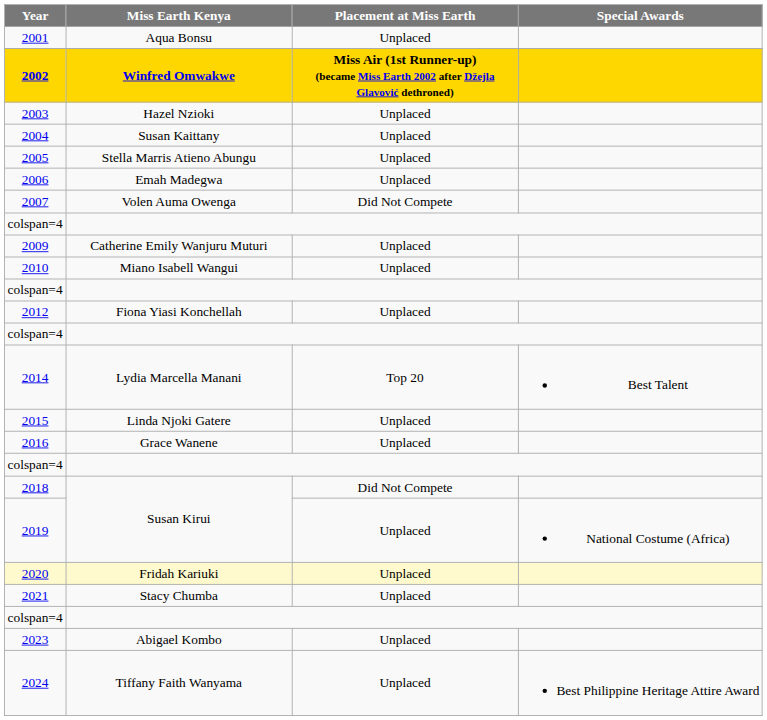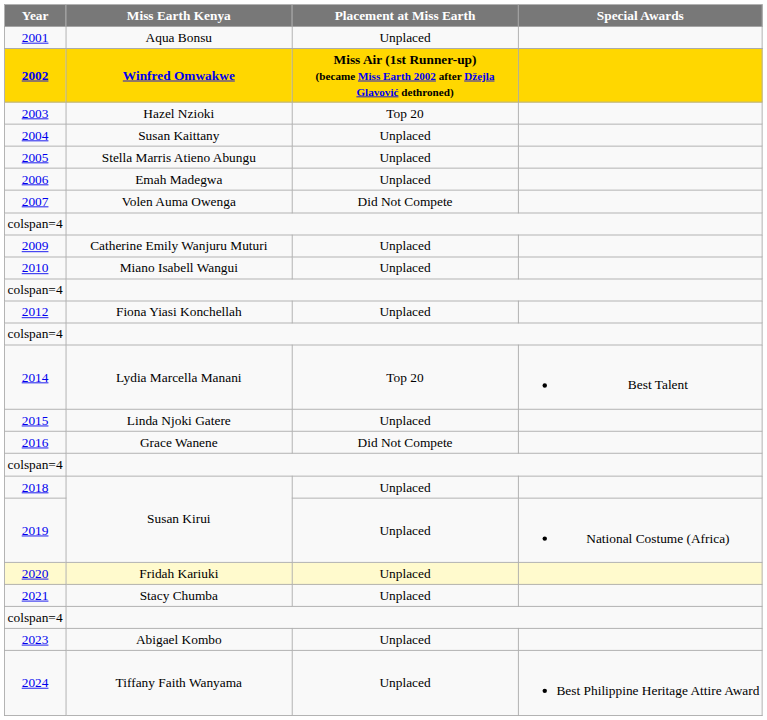 <table class="wikitable sortable" style="font-size: 95%; text-align:center">
 <tr>
 <th width="60" style="background-color:#787878;color:#FFFFFF;">Year</th>
 <th width="250" style="background-color:#787878;color:#FFFFFF;">Miss Earth Kenya</th>
 <th width="250" style="background-color:#787878;color:#FFFFFF;">Placement at Miss Earth</th>
 <th style="background-color:#787878;color:#FFFFFF;">Special Awards</th>
 </tr>
 <tr>
 <td><a href='#'>2001</a></td>
 <td>Aqua Bonsu</td>
 <td>Unplaced</td>
 <td></td>
 </tr>
 <tr>
 </tr>
 <tr style="background-color:gold; font-weight: bold">
 <td><a href='#'>2002</a></td>
 <td><a href='#'>Winfred Omwakwe</a></td>
 <td>Miss Air (1st Runner-up)<br><small>(became <a href='#'>Miss Earth 2002</a> after <a href='#'>Džejla Glavović</a> dethroned)</small></td>
 <td></td>
 </tr>
 <tr>
 <td><a href='#'>2003</a></td>
 <td>Hazel Nzioki</td>
-<td>Unplaced</td>
+<td>Top 20</td>
 <td></td>
 </tr>
 <tr>
 <td><a href='#'>2004</a></td>
 <td>Susan Kaittany</td>
 <td>Unplaced</td>
 <td></td>
 </tr>
 <tr>
 <td><a href='#'>2005</a></td>
 <td>Stella Marris Atieno Abungu</td>
 <td>Unplaced</td>
 <td></td>
 </tr>
 <tr>
 <td><a href='#'>2006</a></td>
 <td>Emah Madegwa</td>
 <td>Unplaced</td>
 <td></td>
 </tr>
 <tr>
 <td><a href='#'>2007</a></td>
 <td>Volen Auma Owenga</td>
 <td>Did Not Compete</td>
 <td></td>
 </tr>
 <tr>
 <td>colspan=4 </td>
 </tr>
 <tr>
 <td><a href='#'>2009</a></td>
 <td>Catherine Emily Wanjuru Muturi</td>
 <td>Unplaced</td>
 <td></td>
 </tr>
 <tr>
 <td><a href='#'>2010</a></td>
 <td>Miano Isabell Wangui</td>
 <td>Unplaced</td>
 <td></td>
 </tr>
 <tr>
 <td>colspan=4 </td>
 </tr>
 <tr>
 <td><a href='#'>2012</a></td>
 <td>Fiona Yiasi Konchellah</td>
 <td>Unplaced</td>
 <td></td>
 </tr>
 <tr>
 <td>colspan=4 </td>
 </tr>
 <tr>
 <td><a href='#'>2014</a></td>
 <td>Lydia Marcella Manani</td>
 <td>Top 20</td>
 <td><br><ul><li> Best Talent</li></ul></td>
 </tr>
 <tr>
 <td><a href='#'>2015</a></td>
 <td>Linda Njoki Gatere</td>
 <td>Unplaced</td>
 <td></td>
 </tr>
 <tr>
 <td><a href='#'>2016</a></td>
 <td>Grace Wanene</td>
-<td>Unplaced</td>
+<td>Did Not Compete</td>
 <td></td>
 </tr>
 <tr>
 <td>colspan=4 </td>
 </tr>
 <tr>
 <td><a href='#'>2018</a></td>
 <td rowspan=2>Susan Kirui</td>
-<td>Did Not Compete</td>
+<td>Unplaced</td>
 <td></td>
 </tr>
 <tr>
 <td><a href='#'>2019</a></td>
 <td>Unplaced</td>
 <td><br><ul><li> National  Costume (Africa)</li></ul></td>
 </tr>
 <tr style="background-color:#FFFACD; ">
 <td><a href='#'>2020</a></td>
 <td>Fridah Kariuki</td>
 <td>Unplaced</td>
 <td></td>
 </tr>
 <tr>
 <td><a href='#'>2021</a></td>
 <td>Stacy Chumba</td>
 <td>Unplaced</td>
 <td></td>
 </tr>
 <tr>
 <td>colspan=4 </td>
 </tr>
 <tr>
 <td><a href='#'>2023</a></td>
 <td>Abigael Kombo</td>
 <td>Unplaced</td>
 <td></td>
 </tr>
 <tr>
 <td><a href='#'>2024</a></td>
 <td>Tiffany Faith Wanyama</td>
 <td>Unplaced</td>
 <td><br><ul><li> Best Philippine Heritage Attire Award</li></ul></td>
 </tr>
 </table>
